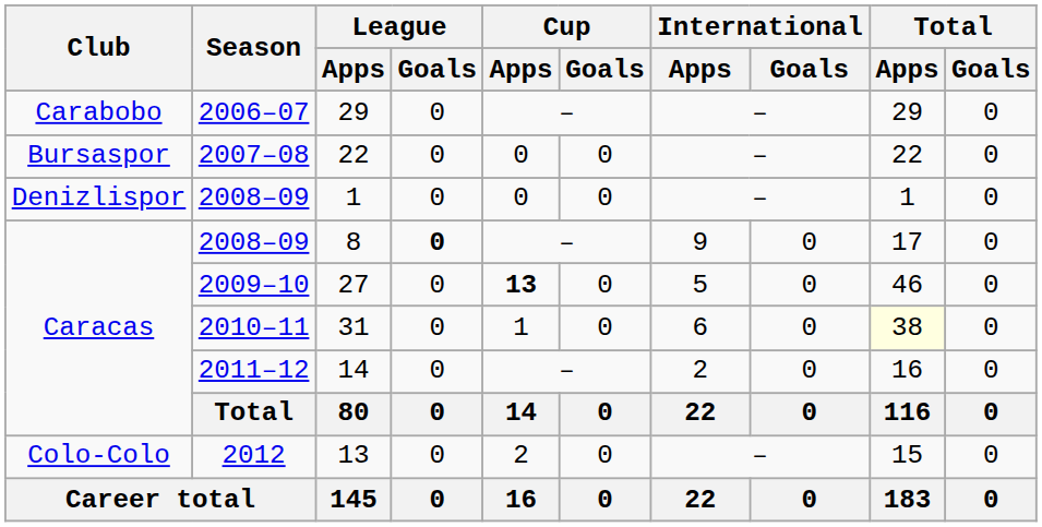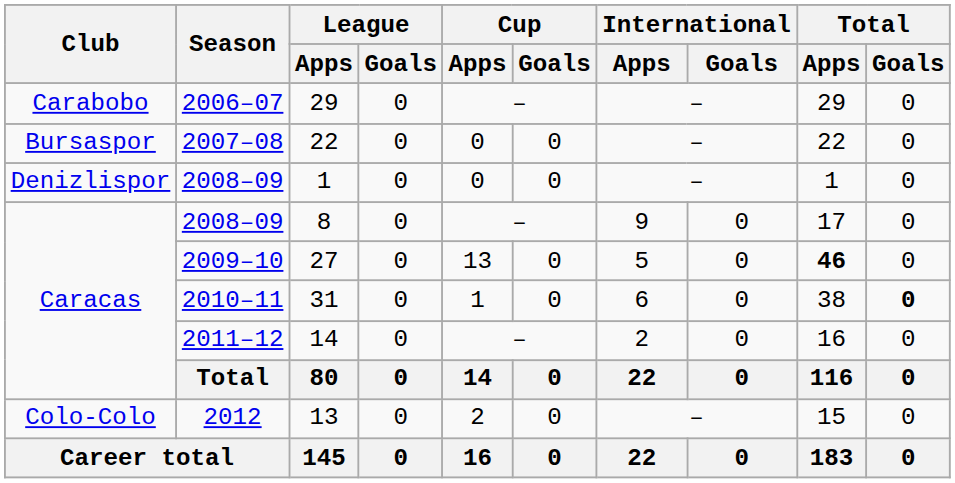 <table class="wikitable" style="text-align:center">
 <tr>
 <th rowspan="2">Club</th>
 <th rowspan="2">Season</th>
 <th colspan="2">League</th>
 <th colspan="2">Cup</th>
 <th colspan="2">International</th>
 <th colspan="2">Total</th>
 </tr>
 <tr>
 <th>Apps</th>
 <th>Goals</th>
 <th>Apps</th>
 <th>Goals</th>
 <th>Apps</th>
 <th>Goals</th>
 <th>Apps</th>
 <th>Goals</th>
 </tr>
 <tr>
 <td><a href='#'>Carabobo</a></td>
 <td><a href='#'>2006–07</a></td>
 <td>29</td>
 <td>0</td>
 <td colspan="2">–</td>
 <td colspan="2">–</td>
 <td>29</td>
 <td>0</td>
 </tr>
 <tr>
 <td><a href='#'>Bursaspor</a></td>
 <td><a href='#'>2007–08</a></td>
 <td>22</td>
 <td>0</td>
 <td>0</td>
 <td>0</td>
 <td colspan="2">–</td>
 <td>22</td>
 <td>0</td>
 </tr>
 <tr>
 <td><a href='#'>Denizlispor</a></td>
 <td><a href='#'>2008–09</a></td>
 <td>1</td>
 <td>0</td>
 <td>0</td>
 <td>0</td>
 <td colspan="2">–</td>
 <td>1</td>
 <td>0</td>
 </tr>
 <tr>
 <td rowspan="5"><a href='#'>Caracas</a></td>
 <td><a href='#'>2008–09</a></td>
 <td>8</td>
-<td><strong>0</strong></td>
+<td>0</td>
 <td colspan="2">–</td>
 <td>9</td>
 <td>0</td>
 <td>17</td>
 <td>0</td>
 </tr>
 <tr>
 <td><a href='#'>2009–10</a></td>
 <td>27</td>
 <td>0</td>
-<td><strong>13</strong></td>
+<td>13</td>
 <td>0</td>
 <td>5</td>
 <td>0</td>
-<td>46</td>
+<td><strong>46</strong></td>
 <td>0</td>
 </tr>
 <tr>
 <td><a href='#'>2010–11</a></td>
 <td>31</td>
 <td>0</td>
 <td>1</td>
 <td>0</td>
 <td>6</td>
 <td>0</td>
-<td style="background: lightyellow;">38</td>
-<td>0</td>
+<td>38</td>
+<td><strong>0</strong></td>
 </tr>
 <tr>
 <td><a href='#'>2011–12</a></td>
 <td>14</td>
 <td>0</td>
 <td colspan="2">–</td>
 <td>2</td>
 <td>0</td>
 <td>16</td>
 <td>0</td>
 </tr>
 <tr>
 <th>Total</th>
 <th>80</th>
 <th>0</th>
 <th>14</th>
 <th>0</th>
 <th>22</th>
 <th>0</th>
 <th>116</th>
 <th>0</th>
 </tr>
 <tr>
 <td><a href='#'>Colo-Colo</a></td>
 <td><a href='#'>2012</a></td>
 <td>13</td>
 <td>0</td>
 <td>2</td>
 <td>0</td>
 <td colspan="2">–</td>
 <td>15</td>
 <td>0</td>
 </tr>
 <tr>
 <th colspan="2">Career total</th>
 <th>145</th>
 <th>0</th>
 <th>16</th>
 <th>0</th>
 <th>22</th>
 <th>0</th>
 <th>183</th>
 <th>0</th>
 </tr>
 </table>
